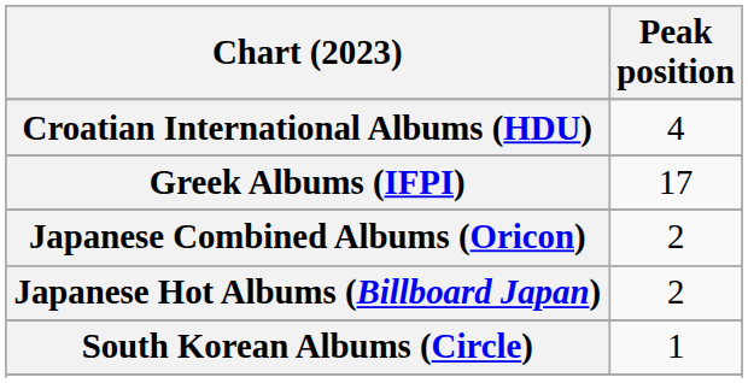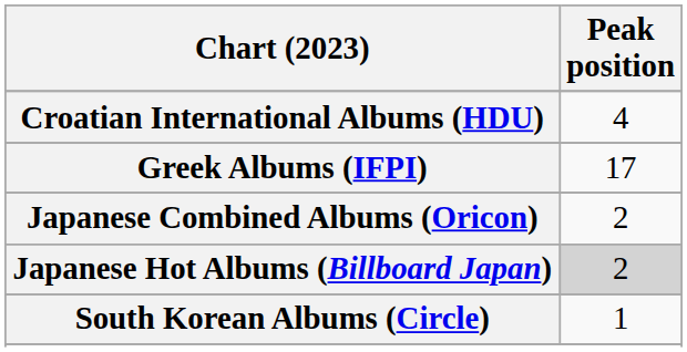 <table class="wikitable plainrowheaders sortable" style="text-align:center">
 <tr>
 <th scope="col">Chart (2023)</th>
 <th scope="col">Peak<br>position</th>
 </tr>
 <tr>
 </tr>
 <tr>
 </tr>
 <tr>
 <th scope="row">Croatian International Albums (<a href='#'>HDU</a>)</th>
 <td>4</td>
 </tr>
 <tr>
 </tr>
 <tr>
 <th scope="row">Greek Albums (<a href='#'>IFPI</a>)</th>
 <td>17</td>
 </tr>
 <tr>
 </tr>
 <tr>
 <th scope="row">Japanese Combined Albums (<a href='#'>Oricon</a>)</th>
 <td>2</td>
 </tr>
 <tr>
 <th scope="row">Japanese Hot Albums (<em><a href='#'>Billboard Japan</a></em>)</th>
-<td>2</td>
+<td style="background: lightgrey;">2</td>
 </tr>
 <tr>
 </tr>
 <tr>
 </tr>
 <tr>
 <th scope="row">South Korean Albums (<a href='#'>Circle</a>)</th>
 <td>1</td>
 </tr>
 <tr>
 </tr>
 <tr>
 </tr>
 <tr>
 </tr>
 <tr>
 </tr>
 </table>
